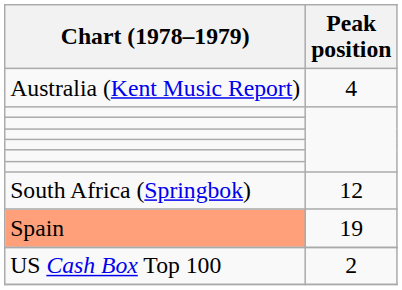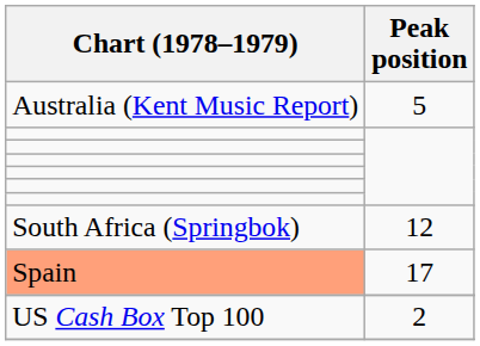 <table class="wikitable sortable">
 <tr>
 <th>Chart (1978–1979)</th>
 <th>Peak<br>position</th>
 </tr>
 <tr>
 <td>Australia (<a href='#'>Kent Music Report</a>)</td>
-<td style="text-align:center;">4</td>
+<td style="text-align:center;">5</td>
 </tr>
 <tr>
 <td></td>
 </tr>
 <tr>
 <td></td>
 </tr>
 <tr>
 <td></td>
 </tr>
 <tr>
 <td></td>
 </tr>
 <tr>
 <td></td>
 </tr>
 <tr>
 <td></td>
 </tr>
 <tr>
 <td>South Africa (<a href='#'>Springbok</a>)</td>
 <td align="center">12</td>
 </tr>
 <tr>
 <td style="background: lightsalmon;">Spain </td>
-<td style="text-align:center;">19</td>
+<td style="text-align:center;">17</td>
 </tr>
 <tr>
 </tr>
 <tr>
 </tr>
 <tr>
 </tr>
 <tr>
 <td>US <a href='#'><em>Cash Box</em></a> Top 100</td>
 <td align="center">2</td>
 </tr>
 <tr>
 </tr>
 </table>
